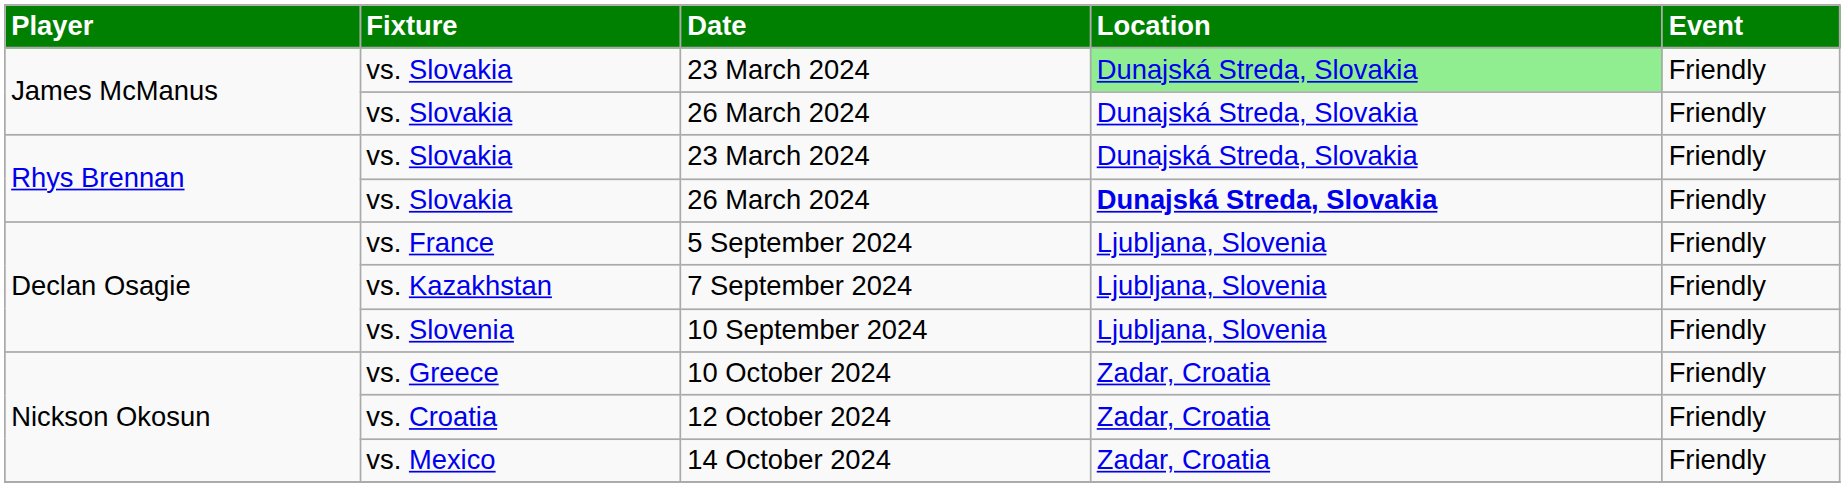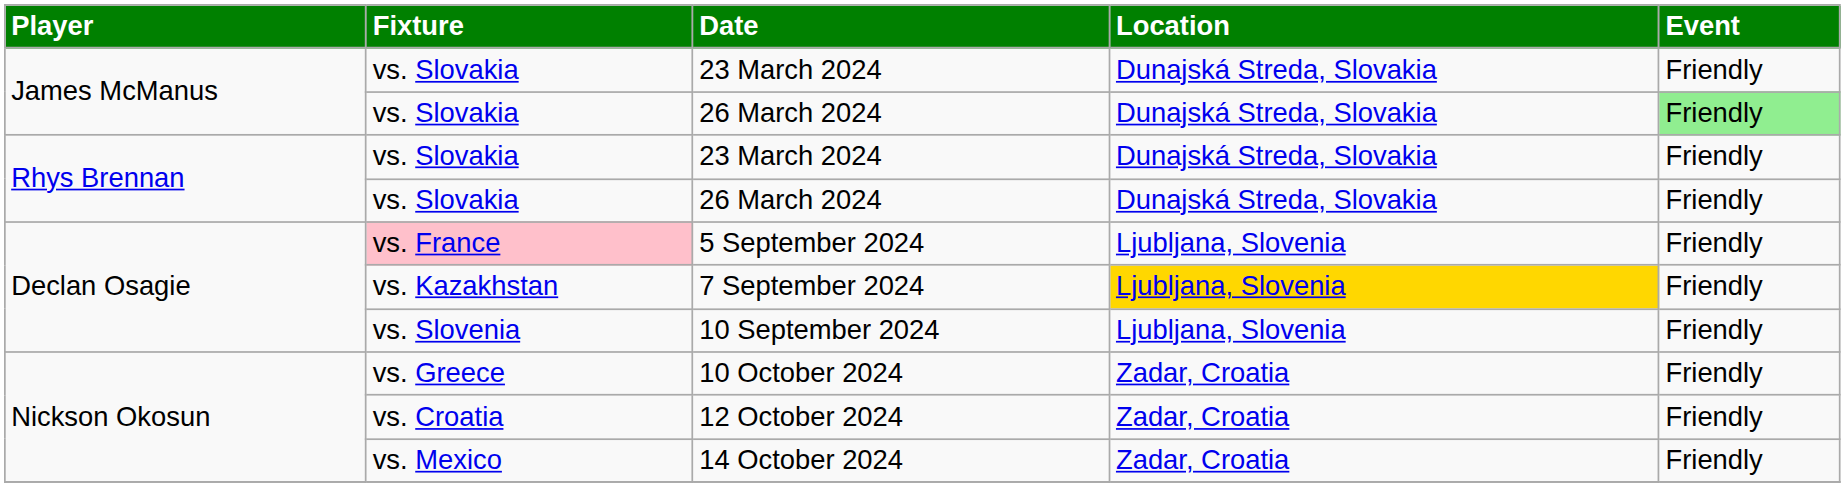 <table class="wikitable" style="width:85%;">
 <tr>
 <th style="background:green; color:white; text-align:left;">Player</th>
 <th style="background:green; color:white; text-align:left;">Fixture</th>
 <th style="background:green; color:white; text-align:left;">Date</th>
 <th style="background:green; color:white; text-align:left;">Location</th>
 <th style="background:green; color:white; text-align:left;">Event</th>
 </tr>
 <tr>
 <td rowspan="2">James McManus</td>
 <td>vs.  <a href='#'>Slovakia</a></td>
 <td>23 March 2024</td>
-<td style="background: lightgreen;"><a href='#'>Dunajská Streda, Slovakia</a></td>
+<td><a href='#'>Dunajská Streda, Slovakia</a></td>
 <td>Friendly</td>
 </tr>
 <tr>
 <td>vs.  <a href='#'>Slovakia</a></td>
 <td>26 March 2024</td>
 <td><a href='#'>Dunajská Streda, Slovakia</a></td>
-<td>Friendly</td>
+<td style="background: lightgreen;">Friendly</td>
 </tr>
 <tr>
 <td rowspan="2"><a href='#'>Rhys Brennan</a></td>
 <td>vs.  <a href='#'>Slovakia</a></td>
 <td>23 March 2024</td>
 <td><a href='#'>Dunajská Streda, Slovakia</a></td>
 <td>Friendly</td>
 </tr>
 <tr>
 <td>vs.  <a href='#'>Slovakia</a></td>
 <td>26 March 2024</td>
-<td><strong><a href='#'>Dunajská Streda, Slovakia</a></strong></td>
+<td><a href='#'>Dunajská Streda, Slovakia</a></td>
 <td>Friendly</td>
 </tr>
 <tr>
 <td rowspan="3">Declan Osagie</td>
-<td>vs.  <a href='#'>France</a></td>
+<td style="background: pink;">vs.  <a href='#'>France</a></td>
 <td>5 September 2024</td>
 <td><a href='#'>Ljubljana, Slovenia</a></td>
 <td>Friendly</td>
 </tr>
 <tr>
 <td>vs.  <a href='#'>Kazakhstan</a></td>
 <td>7 September 2024</td>
-<td><a href='#'>Ljubljana, Slovenia</a></td>
+<td style="background: gold;"><a href='#'>Ljubljana, Slovenia</a></td>
 <td>Friendly</td>
 </tr>
 <tr>
 <td>vs.  <a href='#'>Slovenia</a></td>
 <td>10 September 2024</td>
 <td><a href='#'>Ljubljana, Slovenia</a></td>
 <td>Friendly</td>
 </tr>
 <tr>
 <td rowspan="3">Nickson Okosun</td>
 <td>vs.  <a href='#'>Greece</a></td>
 <td>10 October 2024</td>
 <td><a href='#'>Zadar, Croatia</a></td>
 <td>Friendly</td>
 </tr>
 <tr>
 <td>vs.  <a href='#'>Croatia</a></td>
 <td>12 October 2024</td>
 <td><a href='#'>Zadar, Croatia</a></td>
 <td>Friendly</td>
 </tr>
 <tr>
 <td>vs.  <a href='#'>Mexico</a></td>
 <td>14 October 2024</td>
 <td><a href='#'>Zadar, Croatia</a></td>
 <td>Friendly</td>
 </tr>
 <tr>
 </tr>
 </table>
